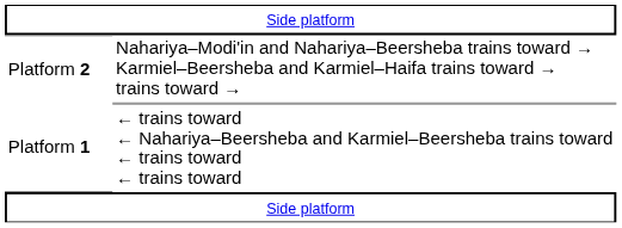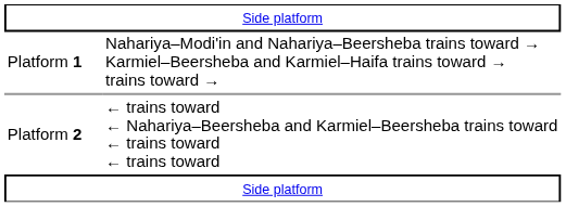 <table border=0 cellspacing=0 cellpadding=3>
 <tr>
 <td style="border-top:solid 1-x black;border-top:solid 1px black;border-right:solid 2px black;border-left:solid 2px black;border-bottom:solid 2px black;text-align:center;" colspan=2><small><a href='#'>Side platform</a></small></td>
 </tr>
 <tr>
-<td style="border-top:solid 1px gray;">Platform <strong>2</strong></td>
+<td style="border-bottom:solid 1px gray;" width=90>Platform <strong>1</strong></td>
 <td style="border-bottom:solid 1px gray;">   Nahariya–Modi'in and Nahariya–Beersheba trains toward   →<br>   Karmiel–Beersheba and Karmiel–Haifa trains toward   →<br>  trains toward   →</td>
 </tr>
 <tr>
-<td style="border-bottom:solid 1px gray;" width=90>Platform <strong>1</strong></td>
+<td style="border-top:solid 1px gray;">Platform <strong>2</strong></td>
 <td style="border-top:solid 1px gray;">←  trains toward  <br>←   Nahariya–Beersheba and Karmiel–Beersheba trains toward  <br>←  trains toward  <br>←  trains toward  </td>
 </tr>
 <tr>
 <td style="border-top:solid 2px black;border-right:solid 2px black;border-left:solid 2px black;border-bottom:solid 1px black;text-align:center;" colspan=2><small><a href='#'>Side platform</a></small></td>
 </tr>
 </table>
